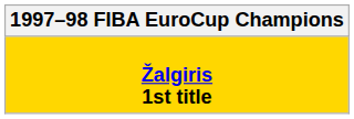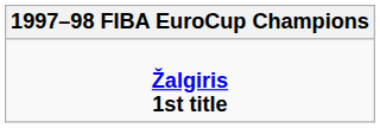 <table class=wikitable style="text-align:center; margin:auto">
 <tr>
 <th>1997–98 FIBA EuroCup Champions</th>
 </tr>
 <tr>
-<td style="background: gold;"><br> <strong><a href='#'>Žalgiris</a></strong> <br> <strong>1st title</strong></td>
+<td><br> <strong><a href='#'>Žalgiris</a></strong> <br> <strong>1st title</strong></td>
 </tr>
 </table>
